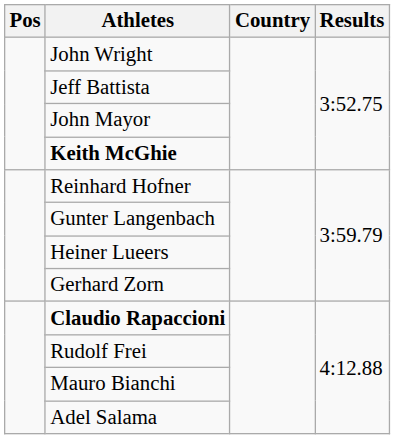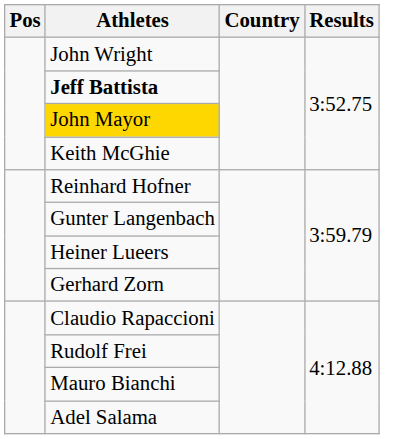 <table class="wikitable">
 <tr>
 <th>Pos</th>
 <th>Athletes</th>
 <th>Country</th>
 <th>Results</th>
 </tr>
 <tr>
 <td rowspan="4"></td>
 <td>John Wright</td>
 <td rowspan="4"></td>
 <td rowspan="4">3:52.75</td>
 </tr>
 <tr>
-<td>Jeff Battista</td>
+<td><strong>Jeff Battista</strong></td>
 </tr>
 <tr>
-<td>John Mayor</td>
+<td style="background: gold;">John Mayor</td>
 </tr>
 <tr>
-<td><strong>Keith McGhie</strong></td>
+<td>Keith McGhie</td>
 </tr>
 <tr>
 <td rowspan="4"></td>
 <td>Reinhard Hofner</td>
 <td rowspan="4"></td>
 <td rowspan="4">3:59.79</td>
 </tr>
 <tr>
 <td>Gunter Langenbach</td>
 </tr>
 <tr>
 <td>Heiner Lueers</td>
 </tr>
 <tr>
 <td>Gerhard Zorn</td>
 </tr>
 <tr>
 <td rowspan="4"></td>
-<td><strong>Claudio Rapaccioni</strong></td>
+<td>Claudio Rapaccioni</td>
 <td rowspan="4"></td>
 <td rowspan="4">4:12.88</td>
 </tr>
 <tr>
 <td>Rudolf Frei</td>
 </tr>
 <tr>
 <td>Mauro Bianchi</td>
 </tr>
 <tr>
 <td>Adel Salama</td>
 </tr>
 </table>
